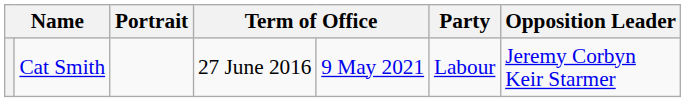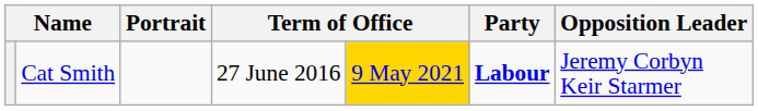 <table class="wikitable">
 <tr>
 <th colspan="2">Name</th>
 <th>Portrait</th>
 <th colspan="2">Term of Office</th>
 <th>Party</th>
 <th>Opposition Leader</th>
 </tr>
 <tr>
 <th style="background-color: "></th>
 <td><a href='#'>Cat Smith</a></td>
 <td></td>
 <td>27 June 2016</td>
-<td><a href='#'>9 May 2021</a></td>
-<td><a href='#'>Labour</a></td>
+<td style="background: gold;"><a href='#'>9 May 2021</a></td>
+<td><strong><a href='#'>Labour</a></strong></td>
 <td><a href='#'>Jeremy Corbyn</a><br><a href='#'>Keir Starmer</a></td>
 </tr>
 </table>
